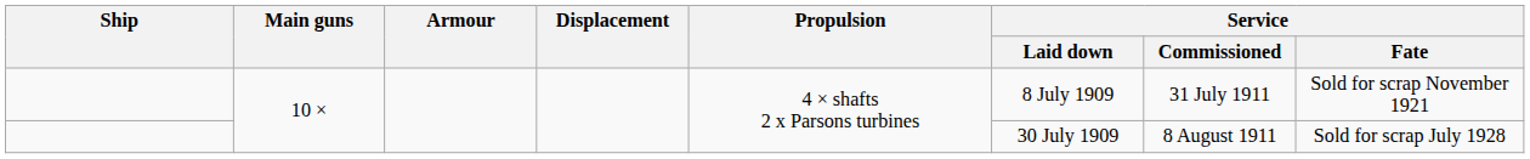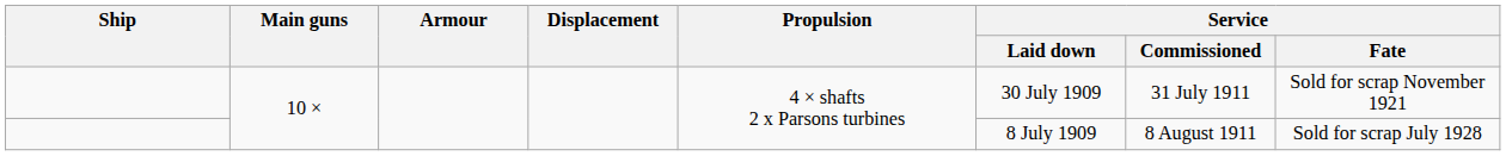 <table class="wikitable" style="width:98%;">
 <tr valign="top"|- valign="top">
 <th style="width:15%; text-align:center;" rowspan="2">Ship</th>
 <th style="width:10%; text-align:center;" rowspan="2">Main guns</th>
 <th style="width:10%; text-align:center;" rowspan="2">Armour</th>
 <th style="width:10%; text-align:center;" rowspan="2">Displacement</th>
 <th style="width:20%; text-align:center;" rowspan="2">Propulsion</th>
 <th style="width:40%; text-align:center;" colspan="3">Service</th>
 </tr>
 <tr valign="top">
 <th style="width:10%; text-align:center;">Laid down</th>
 <th style="width:10%; text-align:center;">Commissioned</th>
 <th style="width:20%; text-align:center;">Fate</th>
 </tr>
 <tr valign="center">
 <td align= center></td>
 <td style="text-align:center;" rowspan=2>10 × </td>
 <td style="text-align:center;" rowspan=2></td>
 <td style="text-align:center;" rowspan=2></td>
 <td align= center rowspan=2>4 × shafts<br>2 x Parsons turbines<br></td>
-<td style="text-align:center;">8 July 1909</td>
+<td style="text-align:center;">30 July 1909</td>
 <td style="text-align:center;">31 July 1911</td>
 <td align= center>Sold for scrap November 1921</td>
 </tr>
 <tr valign="center">
 <td align= center></td>
-<td style="text-align:center;">30 July 1909</td>
+<td style="text-align:center;">8 July 1909</td>
 <td style="text-align:center;">8 August 1911</td>
 <td align= center>Sold for scrap July 1928</td>
 </tr>
 </table>
